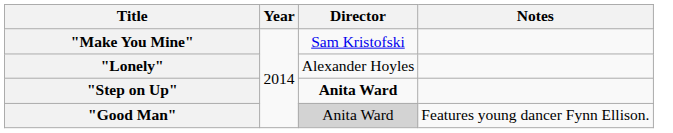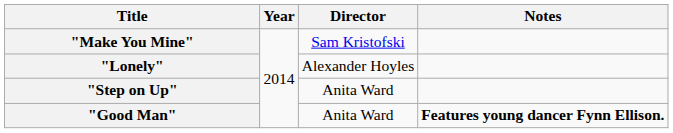 <table class="wikitable plainrowheaders" style="text-align:center;" border="1">
 <tr>
 <th scope="col" style="width:16em;">Title</th>
 <th scope="col">Year</th>
 <th scope="col">Director</th>
 <th scope="col">Notes</th>
 </tr>
 <tr>
 <th scope="row">"Make You Mine"</th>
 <td rowspan="5">2014</td>
 <td><a href='#'>Sam Kristofski</a></td>
 <td></td>
 </tr>
 <tr>
 <th scope="row">"Lonely"</th>
 <td>Alexander Hoyles</td>
 <td></td>
 </tr>
 <tr>
 <th scope="row">"Step on Up"</th>
-<td><strong>Anita Ward</strong></td>
+<td>Anita Ward</td>
 <td></td>
 </tr>
 <tr>
 <th scope="row">"Good Man"</th>
-<td style="background: lightgrey;">Anita Ward</td>
-<td>Features young dancer Fynn Ellison.</td>
+<td>Anita Ward</td>
+<td><strong>Features young dancer Fynn Ellison.</strong></td>
 </tr>
 </table>
